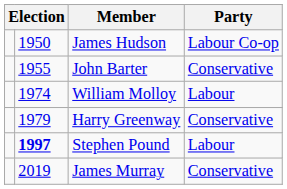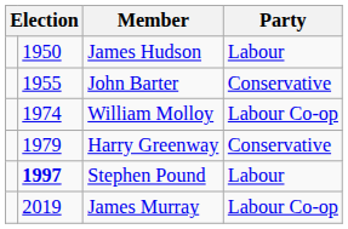 <table class="wikitable">
 <tr>
 <th colspan="2">Election</th>
 <th>Member</th>
 <th>Party</th>
 </tr>
 <tr>
 <td style="color:inherit;background-color: "></td>
 <td><a href='#'>1950</a></td>
 <td><a href='#'>James Hudson</a></td>
-<td><a href='#'>Labour Co-op</a></td>
+<td><a href='#'>Labour</a></td>
 </tr>
 <tr>
 <td style="color:inherit;background-color: "></td>
 <td><a href='#'>1955</a></td>
 <td><a href='#'>John Barter</a></td>
 <td><a href='#'>Conservative</a></td>
 </tr>
 <tr>
 <td style="color:inherit;background-color: "></td>
 <td><a href='#'>1974</a></td>
 <td><a href='#'>William Molloy</a></td>
-<td><a href='#'>Labour</a></td>
+<td><a href='#'>Labour Co-op</a></td>
 </tr>
 <tr>
 <td style="color:inherit;background-color: "></td>
 <td><a href='#'>1979</a></td>
 <td><a href='#'>Harry Greenway</a></td>
 <td><a href='#'>Conservative</a></td>
 </tr>
 <tr>
 <td style="color:inherit;background-color: "></td>
 <td><strong><a href='#'>1997</a></strong></td>
 <td><a href='#'>Stephen Pound</a></td>
 <td><a href='#'>Labour</a></td>
 </tr>
 <tr>
 <td style="color:inherit;background-color: "></td>
 <td><a href='#'>2019</a></td>
 <td><a href='#'>James Murray</a></td>
-<td><a href='#'>Conservative</a></td>
+<td><a href='#'>Labour Co-op</a></td>
 </tr>
 </table>
